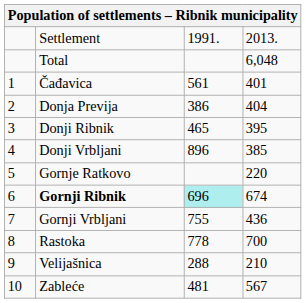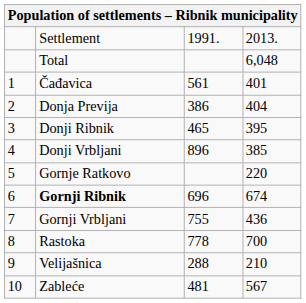 <table class="wikitable">
 <tr>
 <th colspan="4">Population of settlements – Ribnik municipality</th>
 </tr>
 <tr>
 <td></td>
 <td>Settlement</td>
 <td>1991.</td>
 <td>2013.</td>
 </tr>
 <tr>
 <td></td>
 <td>Total</td>
 <td></td>
 <td>6,048</td>
 </tr>
 <tr>
 <td>1</td>
 <td>Čađavica</td>
 <td>561</td>
 <td>401</td>
 </tr>
 <tr>
 <td>2</td>
 <td>Donja Previja</td>
 <td>386</td>
 <td>404</td>
 </tr>
 <tr>
 <td>3</td>
 <td>Donji Ribnik</td>
 <td>465</td>
 <td>395</td>
 </tr>
 <tr>
 <td>4</td>
 <td>Donji Vrbljani</td>
 <td>896</td>
 <td>385</td>
 </tr>
 <tr>
 <td>5</td>
 <td>Gornje Ratkovo</td>
 <td></td>
 <td>220</td>
 </tr>
 <tr>
 <td>6</td>
 <td><strong>Gornji Ribnik</strong></td>
-<td style="background: paleturquoise;">696</td>
+<td>696</td>
 <td>674</td>
 </tr>
 <tr>
 <td>7</td>
 <td>Gornji Vrbljani</td>
 <td>755</td>
 <td>436</td>
 </tr>
 <tr>
 <td>8</td>
 <td>Rastoka</td>
 <td>778</td>
 <td>700</td>
 </tr>
 <tr>
 <td>9</td>
 <td>Velijašnica</td>
 <td>288</td>
 <td>210</td>
 </tr>
 <tr>
 <td>10</td>
 <td>Zableće</td>
 <td>481</td>
 <td>567</td>
 </tr>
 </table>
